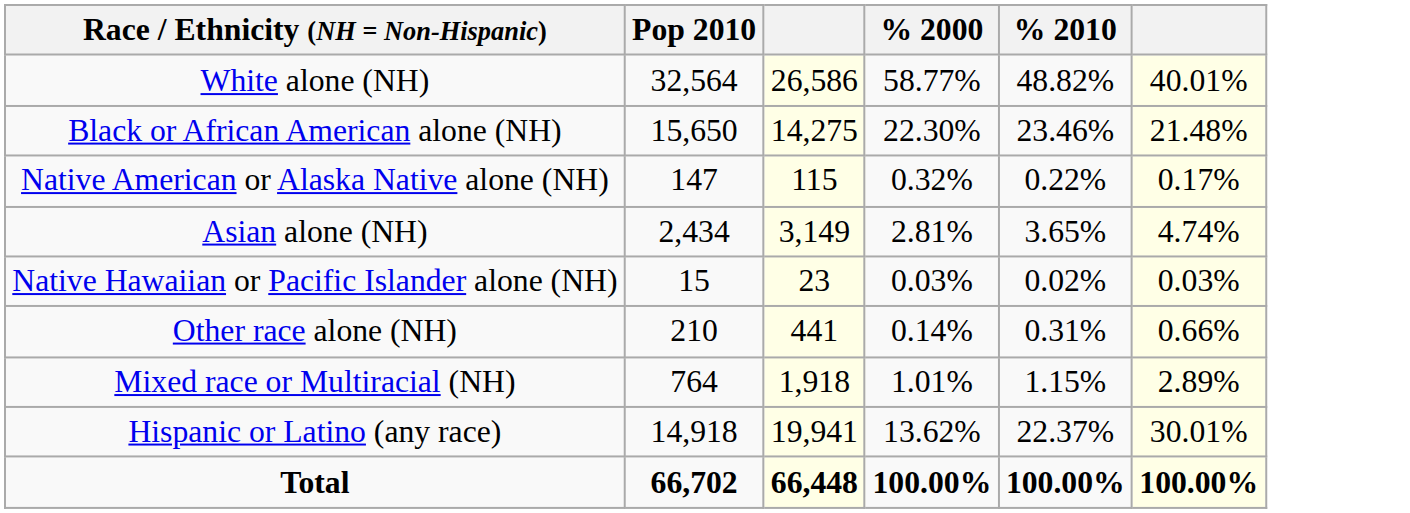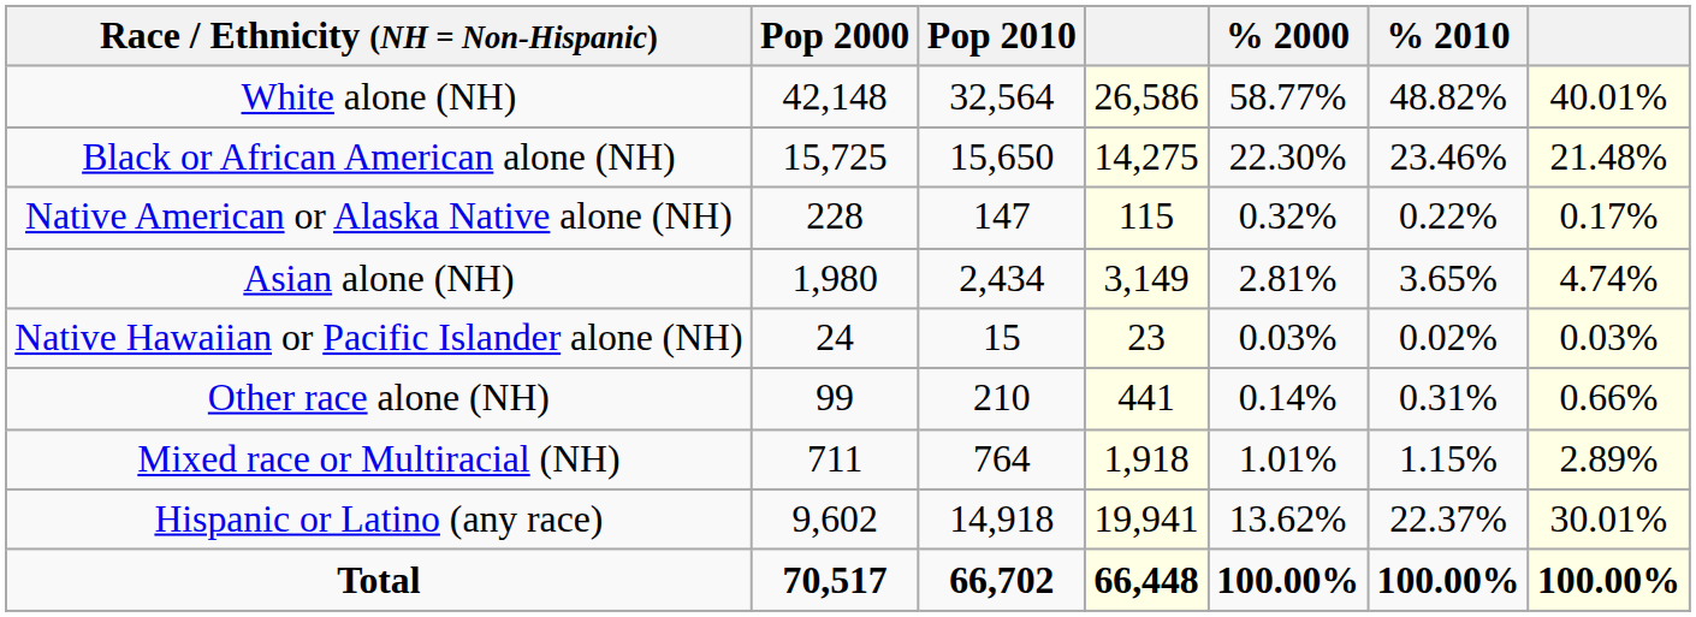 <table class="wikitable" style="text-align:center;">
 <tr>
 <th>Race / Ethnicity <small>(<em>NH = Non-Hispanic</em>)</small></th>
+<th>Pop 2000</th>
 <th>Pop 2010</th>
 <th></th>
 <th>% 2000</th>
 <th>% 2010</th>
 <th></th>
 </tr>
 <tr>
 <td><a href='#'>White</a> alone (NH)</td>
+<td>42,148</td>
 <td>32,564</td>
 <td style='background: #ffffe6;'>26,586</td>
 <td>58.77%</td>
 <td>48.82%</td>
 <td style='background: #ffffe6;'>40.01%</td>
 </tr>
 <tr>
 <td><a href='#'>Black or African American</a> alone (NH)</td>
+<td>15,725</td>
 <td>15,650</td>
 <td style='background: #ffffe6;'>14,275</td>
 <td>22.30%</td>
 <td>23.46%</td>
 <td style='background: #ffffe6;'>21.48%</td>
 </tr>
 <tr>
 <td><a href='#'>Native American</a> or <a href='#'>Alaska Native</a> alone (NH)</td>
+<td>228</td>
 <td>147</td>
 <td style='background: #ffffe6;'>115</td>
 <td>0.32%</td>
 <td>0.22%</td>
 <td style='background: #ffffe6;'>0.17%</td>
 </tr>
 <tr>
 <td><a href='#'>Asian</a> alone (NH)</td>
+<td>1,980</td>
 <td>2,434</td>
 <td style='background: #ffffe6;'>3,149</td>
 <td>2.81%</td>
 <td>3.65%</td>
 <td style='background: #ffffe6;'>4.74%</td>
 </tr>
 <tr>
 <td><a href='#'>Native Hawaiian</a> or <a href='#'>Pacific Islander</a> alone (NH)</td>
+<td>24</td>
 <td>15</td>
 <td style='background: #ffffe6;'>23</td>
 <td>0.03%</td>
 <td>0.02%</td>
 <td style='background: #ffffe6;'>0.03%</td>
 </tr>
 <tr>
 <td><a href='#'>Other race</a> alone (NH)</td>
+<td>99</td>
 <td>210</td>
 <td style='background: #ffffe6;'>441</td>
 <td>0.14%</td>
 <td>0.31%</td>
 <td style='background: #ffffe6;'>0.66%</td>
 </tr>
 <tr>
 <td><a href='#'>Mixed race or Multiracial</a> (NH)</td>
+<td>711</td>
 <td>764</td>
 <td style='background: #ffffe6;'>1,918</td>
 <td>1.01%</td>
 <td>1.15%</td>
 <td style='background: #ffffe6;'>2.89%</td>
 </tr>
 <tr>
 <td><a href='#'>Hispanic or Latino</a> (any race)</td>
+<td>9,602</td>
 <td>14,918</td>
 <td style='background: #ffffe6;'>19,941</td>
 <td>13.62%</td>
 <td>22.37%</td>
 <td style='background: #ffffe6;'>30.01%</td>
 </tr>
 <tr>
 <td><strong>Total</strong></td>
+<td><strong>70,517</strong></td>
 <td><strong>66,702</strong></td>
 <td style='background: #ffffe6;'><strong>66,448</strong></td>
 <td><strong>100.00%</strong></td>
 <td><strong>100.00%</strong></td>
 <td style='background: #ffffe6;'><strong>100.00%</strong></td>
 </tr>
 </table>
